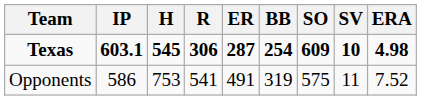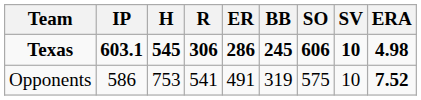 <table class="wikitable sortable">
 <tr>
 <th>Team</th>
 <th>IP</th>
 <th>H</th>
 <th>R</th>
 <th>ER</th>
 <th>BB</th>
 <th>SO</th>
 <th>SV</th>
 <th>ERA</th>
 </tr>
 <tr style="text-align:center;">
 <td><strong>Texas </strong></td>
 <td><strong>603.1</strong></td>
 <td><strong>545</strong></td>
 <td><strong>306</strong></td>
-<td><strong>287</strong></td>
-<td><strong>254</strong></td>
-<td><strong>609</strong></td>
+<td><strong>286</strong></td>
+<td><strong>245</strong></td>
+<td><strong>606</strong></td>
 <td><strong>10</strong></td>
 <td><strong>4.98</strong></td>
 </tr>
 <tr style="text-align:center;">
 <td>Opponents</td>
 <td>586</td>
 <td>753</td>
 <td>541</td>
 <td>491</td>
 <td>319</td>
 <td>575</td>
-<td>11</td>
-<td>7.52</td>
+<td>10</td>
+<td><strong>7.52</strong></td>
 </tr>
 </table>
